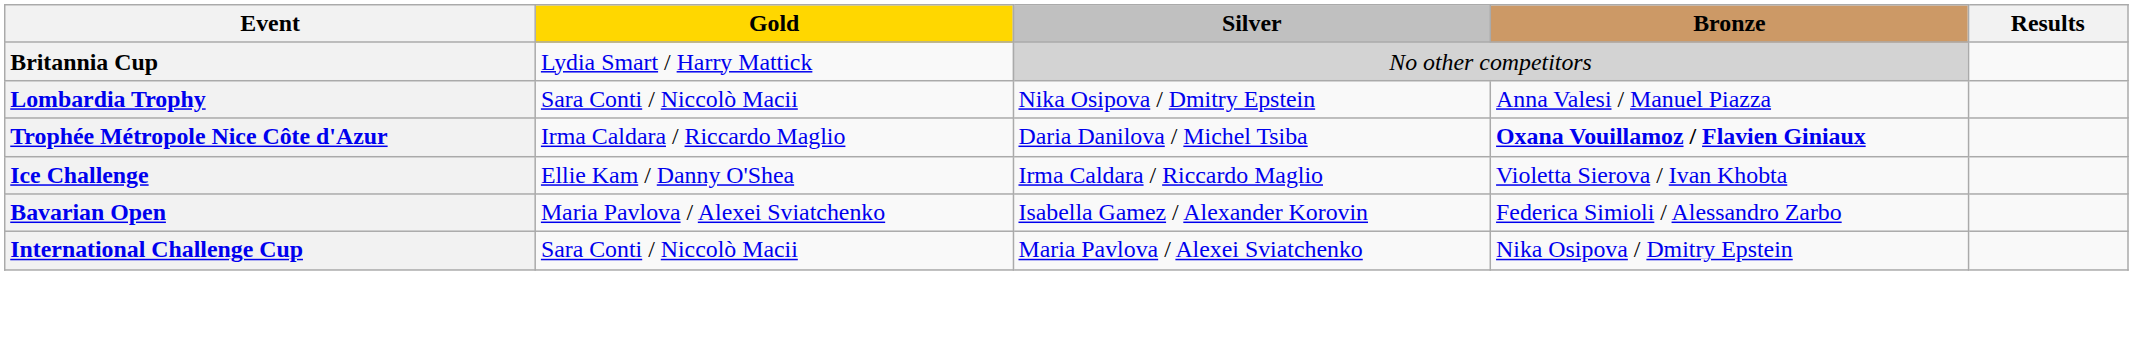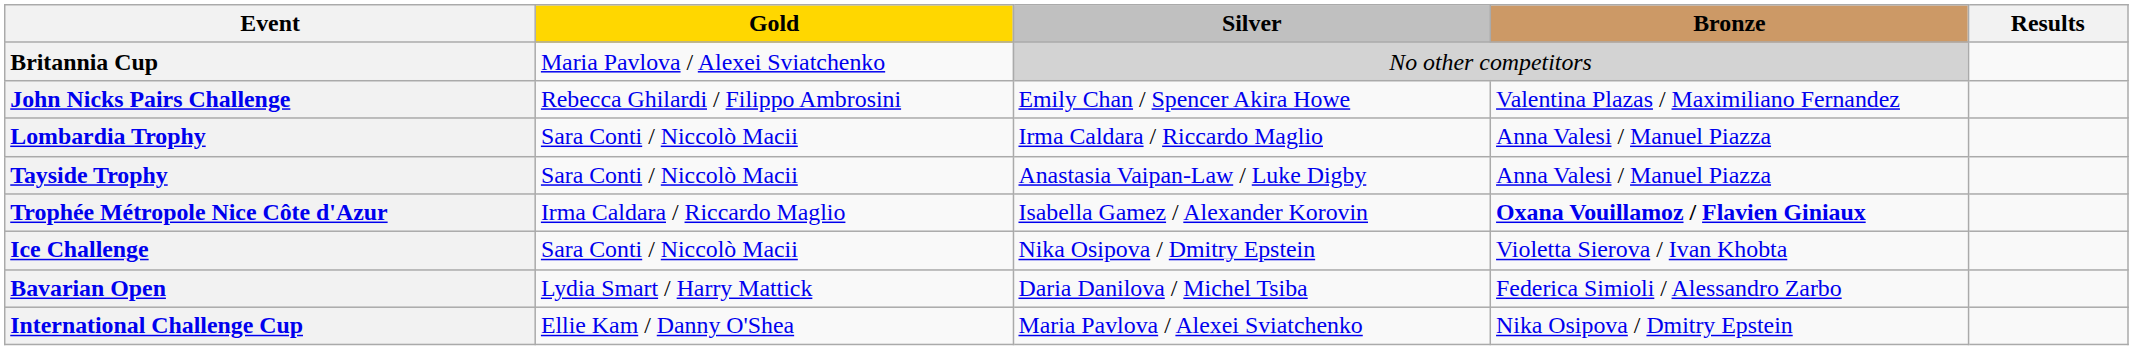 <table class="wikitable unsortable" style="text-align:left; width:90%;">
 <tr>
 <th scope="col" style="text-align:center; width:25%;">Event</th>
 <td scope="col" style="text-align:center; width:22.5%; background:gold"><strong>Gold</strong></td>
 <td scope="col" style="text-align:center; width:22.5%; background:silver"><strong>Silver</strong></td>
 <td scope="col" style="text-align:center; width:22.5%; background:#c96"><strong>Bronze</strong></td>
 <th scope="col" style="text-align:center; width:7.5%;">Results</th>
 </tr>
 <tr>
 <th scope="row" style="text-align:left"> Britannia Cup</th>
-<td> <a href='#'>Lydia Smart</a> / <a href='#'>Harry Mattick</a></td>
+<td> <a href='#'>Maria Pavlova</a> / <a href='#'>Alexei Sviatchenko</a></td>
 <td colspan="2" align="center" bgcolor="lightgray"><em>No other competitors</em></td>
+<td></td>
+</tr>
+<tr>
+<th scope="row" style="text-align:left"> <a href='#'>John Nicks Pairs Challenge</a></th>
+<td> <a href='#'>Rebecca Ghilardi</a> / <a href='#'>Filippo Ambrosini</a></td>
+<td> <a href='#'>Emily Chan</a> / <a href='#'>Spencer Akira Howe</a></td>
+<td> <a href='#'>Valentina Plazas</a> / <a href='#'>Maximiliano Fernandez</a></td>
 <td></td>
 </tr>
 <tr>
 <th scope="row" style="text-align:left"> <a href='#'>Lombardia Trophy</a></th>
 <td> <a href='#'>Sara Conti</a> / <a href='#'>Niccolò Macii</a></td>
-<td> <a href='#'>Nika Osipova</a> / <a href='#'>Dmitry Epstein</a></td>
+<td> <a href='#'>Irma Caldara</a> / <a href='#'>Riccardo Maglio</a></td>
+<td> <a href='#'>Anna Valesi</a> / <a href='#'>Manuel Piazza</a></td>
+<td></td>
+</tr>
+<tr>
+<th scope="row" style="text-align:left"> <a href='#'>Tayside Trophy</a></th>
+<td> <a href='#'>Sara Conti</a> / <a href='#'>Niccolò Macii</a></td>
+<td> <a href='#'>Anastasia Vaipan-Law</a> / <a href='#'>Luke Digby</a></td>
 <td> <a href='#'>Anna Valesi</a> / <a href='#'>Manuel Piazza</a></td>
 <td></td>
 </tr>
 <tr>
 <th scope="row" style="text-align:left"> <a href='#'>Trophée Métropole Nice Côte d'Azur</a></th>
 <td> <a href='#'>Irma Caldara</a> / <a href='#'>Riccardo Maglio</a></td>
-<td> <a href='#'>Daria Danilova</a> / <a href='#'>Michel Tsiba</a></td>
+<td> <a href='#'>Isabella Gamez</a> / <a href='#'>Alexander Korovin</a></td>
 <td><strong> <a href='#'>Oxana Vouillamoz</a> / <a href='#'>Flavien Giniaux</a></strong></td>
 <td></td>
 </tr>
 <tr>
 <th scope="row" style="text-align:left"> <a href='#'>Ice Challenge</a></th>
-<td> <a href='#'>Ellie Kam</a> / <a href='#'>Danny O'Shea</a></td>
-<td> <a href='#'>Irma Caldara</a> / <a href='#'>Riccardo Maglio</a></td>
+<td> <a href='#'>Sara Conti</a> / <a href='#'>Niccolò Macii</a></td>
+<td> <a href='#'>Nika Osipova</a> / <a href='#'>Dmitry Epstein</a></td>
 <td> <a href='#'>Violetta Sierova</a> / <a href='#'>Ivan Khobta</a></td>
 <td></td>
 </tr>
 <tr>
 <th scope="row" style="text-align:left"> <a href='#'>Bavarian Open</a></th>
-<td> <a href='#'>Maria Pavlova</a> / <a href='#'>Alexei Sviatchenko</a></td>
-<td> <a href='#'>Isabella Gamez</a> / <a href='#'>Alexander Korovin</a></td>
+<td> <a href='#'>Lydia Smart</a> / <a href='#'>Harry Mattick</a></td>
+<td> <a href='#'>Daria Danilova</a> / <a href='#'>Michel Tsiba</a></td>
 <td> <a href='#'>Federica Simioli</a> / <a href='#'>Alessandro Zarbo</a></td>
 <td></td>
 </tr>
 <tr>
 <th scope="row" style="text-align:left"> <a href='#'>International Challenge Cup</a></th>
-<td> <a href='#'>Sara Conti</a> / <a href='#'>Niccolò Macii</a></td>
+<td> <a href='#'>Ellie Kam</a> / <a href='#'>Danny O'Shea</a></td>
 <td> <a href='#'>Maria Pavlova</a> / <a href='#'>Alexei Sviatchenko</a></td>
 <td> <a href='#'>Nika Osipova</a> / <a href='#'>Dmitry Epstein</a></td>
 <td></td>
 </tr>
 </table>
